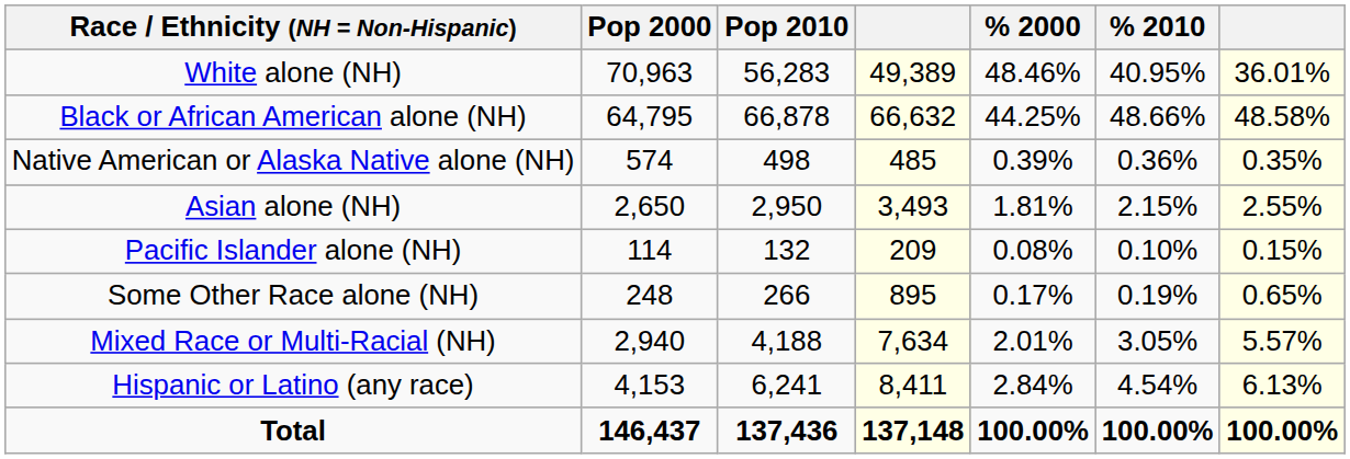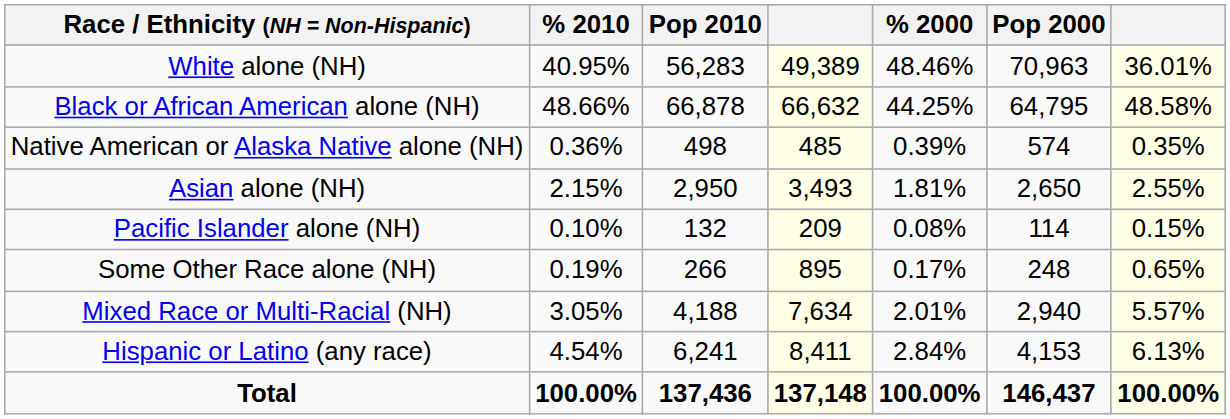 <table class="wikitable" style="text-align:center;">
 <tr>
 <th>Race / Ethnicity <small>(<em>NH = Non-Hispanic</em>)</small></th>
-<th>Pop 2000</th>
+<th>% 2010</th>
 <th>Pop 2010</th>
 <th></th>
 <th>% 2000</th>
-<th>% 2010</th>
+<th>Pop 2000</th>
 <th></th>
 </tr>
 <tr>
 <td><a href='#'>White</a> alone (NH)</td>
-<td>70,963</td>
+<td>40.95%</td>
 <td>56,283</td>
 <td style='background: #ffffe6;'>49,389</td>
 <td>48.46%</td>
-<td>40.95%</td>
+<td>70,963</td>
 <td style='background: #ffffe6;'>36.01%</td>
 </tr>
 <tr>
 <td><a href='#'>Black or African American</a> alone (NH)</td>
-<td>64,795</td>
+<td>48.66%</td>
 <td>66,878</td>
 <td style='background: #ffffe6;'>66,632</td>
 <td>44.25%</td>
-<td>48.66%</td>
+<td>64,795</td>
 <td style='background: #ffffe6;'>48.58%</td>
 </tr>
 <tr>
 <td>Native American or <a href='#'>Alaska Native</a> alone (NH)</td>
-<td>574</td>
+<td>0.36%</td>
 <td>498</td>
 <td style='background: #ffffe6;'>485</td>
 <td>0.39%</td>
-<td>0.36%</td>
+<td>574</td>
 <td style='background: #ffffe6;'>0.35%</td>
 </tr>
 <tr>
 <td><a href='#'>Asian</a> alone (NH)</td>
-<td>2,650</td>
+<td>2.15%</td>
 <td>2,950</td>
 <td style='background: #ffffe6;'>3,493</td>
 <td>1.81%</td>
-<td>2.15%</td>
+<td>2,650</td>
 <td style='background: #ffffe6;'>2.55%</td>
 </tr>
 <tr>
 <td><a href='#'>Pacific Islander</a> alone (NH)</td>
-<td>114</td>
+<td>0.10%</td>
 <td>132</td>
 <td style='background: #ffffe6;'>209</td>
 <td>0.08%</td>
-<td>0.10%</td>
+<td>114</td>
 <td style='background: #ffffe6;'>0.15%</td>
 </tr>
 <tr>
 <td>Some Other Race alone (NH)</td>
-<td>248</td>
+<td>0.19%</td>
 <td>266</td>
 <td style='background: #ffffe6;'>895</td>
 <td>0.17%</td>
-<td>0.19%</td>
+<td>248</td>
 <td style='background: #ffffe6;'>0.65%</td>
 </tr>
 <tr>
 <td><a href='#'>Mixed Race or Multi-Racial</a> (NH)</td>
-<td>2,940</td>
+<td>3.05%</td>
 <td>4,188</td>
 <td style='background: #ffffe6;'>7,634</td>
 <td>2.01%</td>
-<td>3.05%</td>
+<td>2,940</td>
 <td style='background: #ffffe6;'>5.57%</td>
 </tr>
 <tr>
 <td><a href='#'>Hispanic or Latino</a> (any race)</td>
-<td>4,153</td>
+<td>4.54%</td>
 <td>6,241</td>
 <td style='background: #ffffe6;'>8,411</td>
 <td>2.84%</td>
-<td>4.54%</td>
+<td>4,153</td>
 <td style='background: #ffffe6;'>6.13%</td>
 </tr>
 <tr>
 <td><strong>Total</strong></td>
-<td><strong>146,437</strong></td>
+<td><strong>100.00%</strong></td>
 <td><strong>137,436</strong></td>
 <td style='background: #ffffe6;'><strong>137,148</strong></td>
 <td><strong>100.00%</strong></td>
-<td><strong>100.00%</strong></td>
+<td><strong>146,437</strong></td>
 <td style='background: #ffffe6;'><strong>100.00%</strong></td>
 </tr>
 </table>
